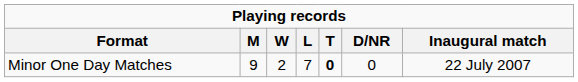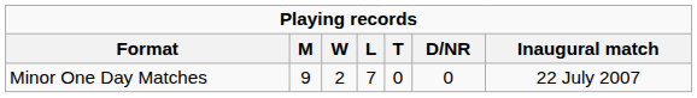 <table class="wikitable" style="text-align: center; width: 600px">
 <tr>
 <td colspan="8" align="center"><strong>Playing records</strong></td>
 </tr>
 <tr>
 <th>Format</th>
 <th>M</th>
 <th>W</th>
 <th>L</th>
 <th>T</th>
 <th>D/NR</th>
 <th>Inaugural match</th>
 </tr>
 <tr>
 <td align="left">Minor One Day Matches</td>
 <td>9</td>
 <td>2</td>
 <td>7</td>
-<td><strong>0</strong></td>
+<td>0</td>
 <td>0</td>
 <td>22 July 2007</td>
 </tr>
 </table>
